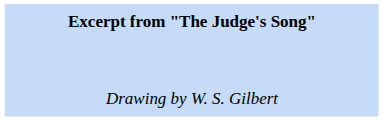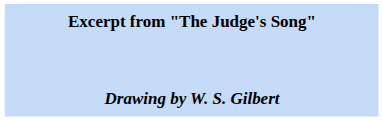 <table class="toccolours" style="float: right; margin-left: 1em; font-size: 85%; margin-right: 1em; background:#c6dbf7; color:black; width:22em;" cellspacing="5">
 <tr>
 <td style="text-align: center;"><strong>Excerpt from "The Judge's Song"</strong></td>
 </tr>
 <tr>
 <td style="text-align: left;"><br></td>
 </tr>
 <tr>
-<td style="text-align: center;"><br><em>Drawing by W. S. Gilbert</em></td>
+<td style="text-align: center;"><strong><br><em>Drawing by W. S. Gilbert</em></strong></td>
 </tr>
 </table>
